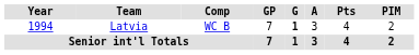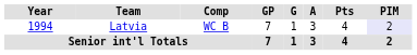 <table border="0" cellpadding="2" cellspacing="0" style="width:40%;">
 <tr style="text-align:center; background:#e0e0e0;">
 <th>Year</th>
 <th>Team</th>
 <th>Comp</th>
 <th>GP</th>
 <th>G</th>
 <th>A</th>
 <th>Pts</th>
 <th>PIM</th>
 </tr>
 <tr ALIGN="center">
 <td><a href='#'>1994</a></td>
 <td><a href='#'>Latvia</a></td>
 <td><a href='#'>WC B</a></td>
 <td>7</td>
-<td><strong>1</strong></td>
+<td>1</td>
 <td>3</td>
 <td>4</td>
-<td>2</td>
+<td style="background: lavender;">2</td>
 </tr>
 <tr ALIGN="center" bgcolor="#e0e0e0">
 <th colspan="3">Senior int'l Totals</th>
 <th ALIGN="center">7</th>
 <th ALIGN="center">1</th>
 <th ALIGN="center">3</th>
 <th ALIGN="center">4</th>
 <th ALIGN="center">2</th>
 </tr>
 </table>
